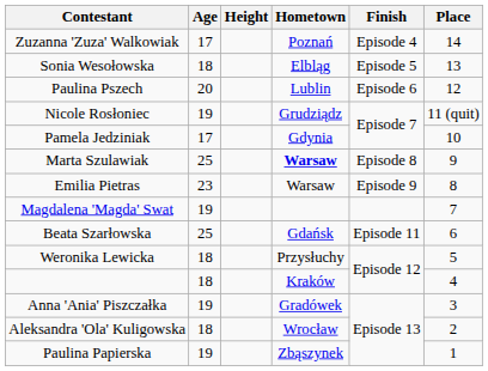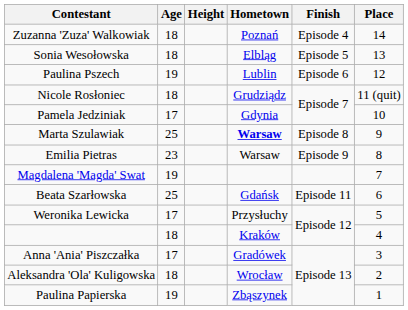 <table class="wikitable sortable" style="text-align:center;">
 <tr>
 <th>Contestant</th>
 <th>Age</th>
 <th>Height</th>
 <th>Hometown</th>
 <th>Finish</th>
 <th>Place</th>
 </tr>
 <tr>
 <td>Zuzanna 'Zuza' Walkowiak</td>
-<td>17</td>
+<td>18</td>
 <td></td>
 <td><a href='#'>Poznań</a></td>
 <td>Episode 4</td>
 <td>14</td>
 </tr>
 <tr>
 <td>Sonia Wesołowska</td>
 <td>18</td>
 <td></td>
 <td><a href='#'>Elbląg</a></td>
 <td>Episode 5</td>
 <td>13</td>
 </tr>
 <tr>
 <td>Paulina Pszech</td>
-<td>20</td>
+<td>19</td>
 <td></td>
 <td><a href='#'>Lublin</a></td>
 <td>Episode 6</td>
 <td>12</td>
 </tr>
 <tr>
 <td>Nicole Rosłoniec</td>
-<td>19</td>
+<td>18</td>
 <td></td>
 <td><a href='#'>Grudziądz</a></td>
 <td rowspan="2">Episode 7</td>
 <td>11 (quit)</td>
 </tr>
 <tr>
 <td>Pamela Jedziniak</td>
 <td>17</td>
 <td></td>
 <td><a href='#'>Gdynia</a></td>
 <td>10</td>
 </tr>
 <tr>
 <td>Marta Szulawiak</td>
 <td>25</td>
 <td></td>
 <td><strong><a href='#'>Warsaw</a></strong></td>
 <td>Episode 8</td>
 <td>9</td>
 </tr>
 <tr>
 <td>Emilia Pietras</td>
 <td>23</td>
 <td></td>
 <td>Warsaw</td>
 <td>Episode 9</td>
 <td>8</td>
 </tr>
 <tr>
 <td><a href='#'>Magdalena 'Magda' Swat</a></td>
 <td>19</td>
 <td></td>
 <td></td>
 <td></td>
 <td>7</td>
 </tr>
 <tr>
 <td>Beata Szarłowska</td>
 <td>25</td>
 <td></td>
 <td><a href='#'>Gdańsk</a></td>
 <td>Episode 11</td>
 <td>6</td>
 </tr>
 <tr>
 <td>Weronika Lewicka</td>
-<td>18</td>
+<td>17</td>
 <td></td>
 <td>Przysłuchy</td>
 <td rowspan="2">Episode 12</td>
 <td>5</td>
 </tr>
 <tr>
 <td></td>
 <td>18</td>
 <td></td>
 <td><a href='#'>Kraków</a></td>
 <td>4</td>
 </tr>
 <tr>
 <td>Anna 'Ania' Piszczałka</td>
-<td>19</td>
+<td>17</td>
 <td></td>
 <td><a href='#'>Gradówek</a></td>
 <td rowspan="3">Episode 13</td>
 <td>3</td>
 </tr>
 <tr>
 <td>Aleksandra 'Ola' Kuligowska</td>
 <td>18</td>
 <td></td>
 <td><a href='#'>Wrocław</a></td>
 <td>2</td>
 </tr>
 <tr>
 <td>Paulina Papierska</td>
 <td>19</td>
 <td></td>
 <td><a href='#'>Zbąszynek</a></td>
 <td>1</td>
 </tr>
 </table>
